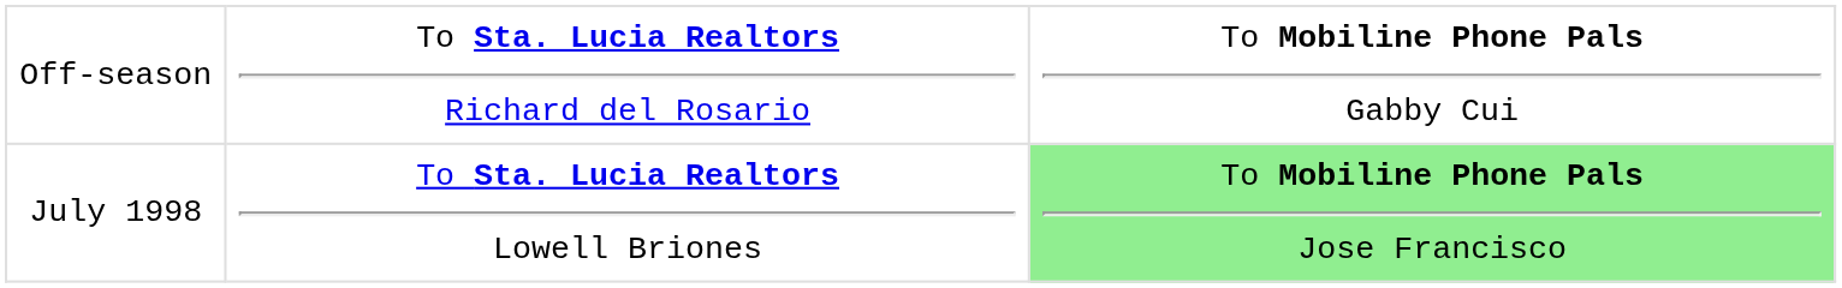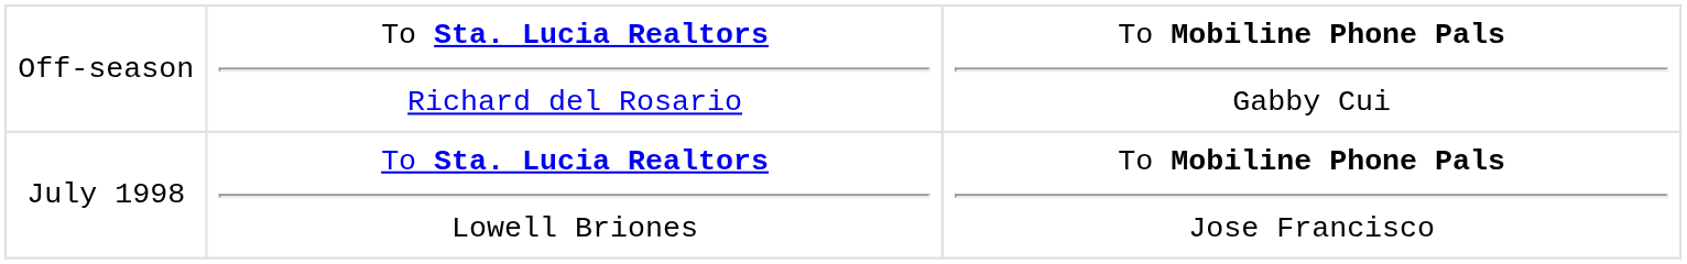 <table border=1 style="border-collapse:collapse; text-align: center" bordercolor="#DFDFDF"  cellpadding="5">
 <tr>
 <td>Off-season</td>
 <td>To <strong><a href='#'>Sta. Lucia Realtors</a></strong><hr><a href='#'>Richard del Rosario</a></td>
 <td>To <strong>Mobiline Phone Pals</strong><hr>Gabby Cui</td>
 </tr>
 <tr>
 <td style="width:12%">July 1998 <br></td>
 <td style="width:44%" valign="top"><a href='#'>To <strong>Sta. Lucia Realtors</strong></a><hr>Lowell Briones</td>
-<td style="background: lightgreen; width:44%" valign="top">To <strong>Mobiline Phone Pals</strong><hr>Jose Francisco</td>
+<td style="width:44%" valign="top">To <strong>Mobiline Phone Pals</strong><hr>Jose Francisco</td>
 </tr>
 </table>
